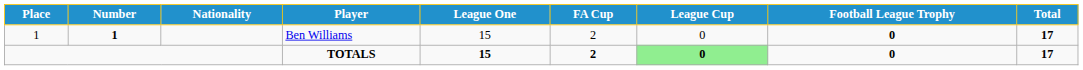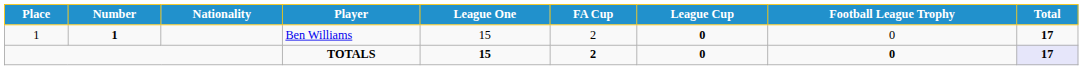 <table class="wikitable" style="text-align:center; font-size:90%; width:100%;">
 <tr>
 <th style="background:#2191CC; color:white; border:1px solid #F7C408; text-align:center;">Place</th>
 <th style="background:#2191CC; color:white; border:1px solid #F7C408; text-align:center;">Number</th>
 <th style="background:#2191CC; color:white; border:1px solid #F7C408; text-align:center;">Nationality</th>
 <th style="background:#2191CC; color:white; border:1px solid #F7C408; text-align:center;">Player</th>
 <th style="background:#2191CC; color:white; border:1px solid #F7C408; text-align:center;">League One</th>
 <th style="background:#2191CC; color:white; border:1px solid #F7C408; text-align:center;">FA Cup</th>
 <th style="background:#2191CC; color:white; border:1px solid #F7C408; text-align:center;">League Cup</th>
 <th style="background:#2191CC; color:white; border:1px solid #F7C408; text-align:center;">Football League Trophy</th>
 <th style="background:#2191CC; color:white; border:1px solid #F7C408; text-align:center;">Total</th>
 </tr>
 <tr>
 <td>1</td>
 <td><strong>1</strong></td>
 <td></td>
 <td align="left"><a href='#'>Ben Williams</a></td>
 <td>15</td>
 <td>2</td>
+<td><strong>0</strong></td>
 <td>0</td>
-<td><strong>0</strong></td>
 <td><strong>17</strong></td>
 </tr>
 <tr>
 <td colspan="3"></td>
 <td><strong>TOTALS</strong></td>
 <td><strong>15</strong></td>
 <td><strong>2</strong></td>
-<td style="background: lightgreen;"><strong>0</strong></td>
 <td><strong>0</strong></td>
-<td><strong>17</strong></td>
+<td><strong>0</strong></td>
+<td style="background: lavender;"><strong>17</strong></td>
 </tr>
 </table>
